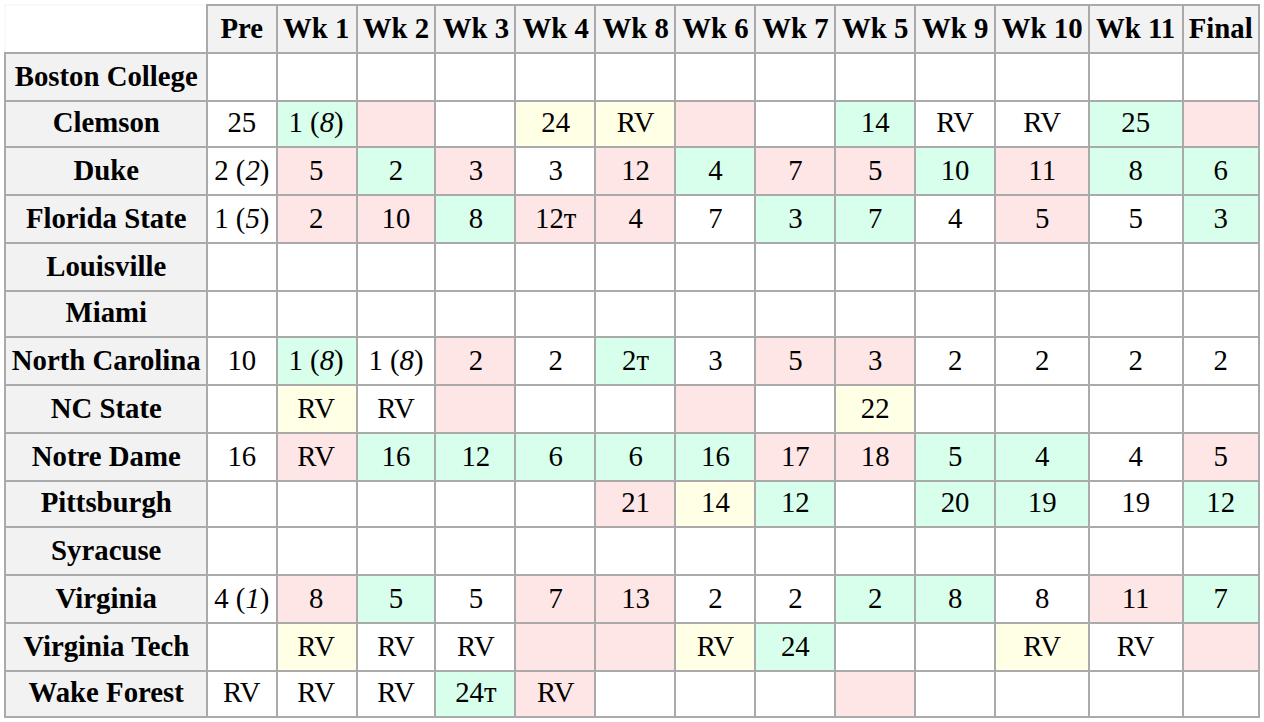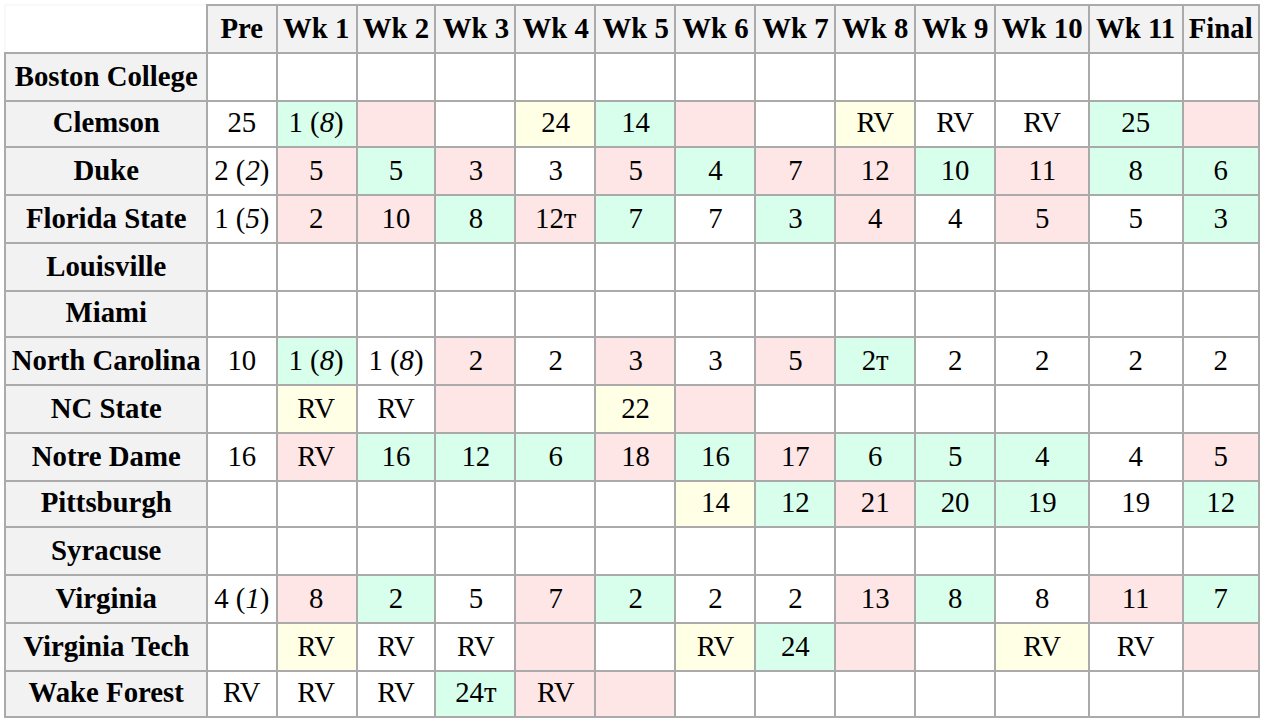 <table class="wikitable" style="white-space:nowrap;font-size:90%;">
 <tr>
 <th colspan=1 style="background:white; border-top-style:hidden; border-left-style:hidden;"> </th>
 <th>Pre <br></th>
 <th>Wk 1 <br></th>
 <th>Wk 2 <br></th>
 <th>Wk 3 <br></th>
 <th>Wk 4 <br></th>
-<th>Wk 8 <br></th>
+<th>Wk 5 <br></th>
 <th>Wk 6 <br></th>
 <th>Wk 7 <br></th>
-<th>Wk 5 <br></th>
+<th>Wk 8 <br></th>
 <th>Wk 9 <br></th>
 <th>Wk 10 <br></th>
 <th>Wk 11 <br></th>
 <th>Final <br></th>
 </tr>
 <tr style="text-align:center;">
 <th>Boston College</th>
 <td style="background:#FFF;"></td>
 <td style="background:#FFF;"></td>
 <td style="background:#FFF;"></td>
 <td style="background:#FFF;"></td>
 <td style="background:#FFF;"></td>
 <td style="background:#FFF;"></td>
 <td style="background:#FFF;"></td>
 <td style="background:#FFF;"></td>
 <td style="background:#FFF;"></td>
 <td style="background:#FFF;"></td>
 <td style="background:#FFF;"></td>
 <td style="background:#FFF;"></td>
 <td style="background:#FFF;"></td>
 </tr>
 <tr style="text-align:center;">
 <th>Clemson</th>
 <td style="background:#FFF;"> 25</td>
 <td style="background:#D8FFEB;"> 1 (<em>8</em>)</td>
 <td style="background:#FFE6E6;"></td>
 <td style="background:#FFF;"></td>
 <td style="background:#FFFFE6;"> 24</td>
-<td style="background:#FFFFE6;"> RV</td>
+<td style="background:#D8FFEB;"> 14</td>
 <td style="background:#FFE6E6;"></td>
 <td style="background:#FFF;"></td>
-<td style="background:#D8FFEB;"> 14</td>
+<td style="background:#FFFFE6;"> RV</td>
 <td style="background:#FFF;"> RV</td>
 <td style="background:#FFF;"> RV</td>
 <td style="background:#D8FFEB;"> 25</td>
 <td style="background:#FFE6E6;"></td>
 </tr>
 <tr style="text-align:center;">
 <th>Duke</th>
 <td style="background:#FFF;"> 2 (<em>2</em>)</td>
 <td style="background:#FFE6E6;"> 5</td>
-<td style="background:#D8FFEB;"> 2</td>
+<td style="background:#D8FFEB;"> 5</td>
 <td style="background:#FFE6E6;"> 3</td>
 <td style="background:#FFF;"> 3</td>
-<td style="background:#FFE6E6;"> 12</td>
+<td style="background:#FFE6E6;"> 5</td>
 <td style="background:#D8FFEB;"> 4</td>
 <td style="background:#FFE6E6;"> 7</td>
-<td style="background:#FFE6E6;"> 5</td>
+<td style="background:#FFE6E6;"> 12</td>
 <td style="background:#D8FFEB;"> 10</td>
 <td style="background:#FFE6E6;"> 11</td>
 <td style="background:#D8FFEB;"> 8</td>
 <td style="background:#D8FFEB;"> 6</td>
 </tr>
 <tr style="text-align:center;">
 <th>Florida State</th>
 <td style="background:#FFF;"> 1 (<em>5</em>)</td>
 <td style="background:#FFE6E6;"> 2</td>
 <td style="background:#FFE6E6;"> 10</td>
 <td style="background:#D8FFEB;"> 8</td>
 <td style="background:#FFE6E6;"> 12т</td>
-<td style="background:#FFE6E6;"> 4</td>
+<td style="background:#D8FFEB;"> 7</td>
 <td style="background:#FFF;"> 7</td>
 <td style="background:#D8FFEB;"> 3</td>
-<td style="background:#D8FFEB;"> 7</td>
+<td style="background:#FFE6E6;"> 4</td>
 <td style="background:#FFF;"> 4</td>
 <td style="background:#FFE6E6;"> 5</td>
 <td style="background:#FFF;"> 5</td>
 <td style="background:#D8FFEB;"> 3</td>
 </tr>
 <tr style="text-align:center;">
 <th>Louisville</th>
 <td style="background:#FFF;"></td>
 <td style="background:#FFF;"></td>
 <td style="background:#FFF;"></td>
 <td style="background:#FFF;"></td>
 <td style="background:#FFF;"></td>
 <td style="background:#FFF;"></td>
 <td style="background:#FFF;"></td>
 <td style="background:#FFF;"></td>
 <td style="background:#FFF;"></td>
 <td style="background:#FFF;"></td>
 <td style="background:#FFF;"></td>
 <td style="background:#FFF;"></td>
 <td style="background:#FFF;"></td>
 </tr>
 <tr style="text-align:center;">
 <th>Miami</th>
 <td style="background:#FFF;"></td>
 <td style="background:#FFF;"></td>
 <td style="background:#FFF;"></td>
 <td style="background:#FFF;"></td>
 <td style="background:#FFF;"></td>
 <td style="background:#FFF;"></td>
 <td style="background:#FFF;"></td>
 <td style="background:#FFF;"></td>
 <td style="background:#FFF;"></td>
 <td style="background:#FFF;"></td>
 <td style="background:#FFF;"></td>
 <td style="background:#FFF;"></td>
 <td style="background:#FFF;"></td>
 </tr>
 <tr style="text-align:center;">
 <th>North Carolina</th>
 <td style="background:#FFF;"> 10</td>
 <td style="background:#D8FFEB;"> 1 (<em>8</em>)</td>
 <td style="background:#FFF;"> 1 (<em>8</em>)</td>
 <td style="background:#FFE6E6;"> 2</td>
 <td style="background:#FFF;"> 2</td>
-<td style="background:#D8FFEB;"> 2т</td>
+<td style="background:#FFE6E6;"> 3</td>
 <td style="background:#FFF;"> 3</td>
 <td style="background:#FFE6E6;"> 5</td>
-<td style="background:#FFE6E6;"> 3</td>
+<td style="background:#D8FFEB;"> 2т</td>
 <td style="background:#FFF;"> 2</td>
 <td style="background:#FFF;"> 2</td>
 <td style="background:#FFF;"> 2</td>
 <td style="background:#FFF;"> 2</td>
 </tr>
 <tr style="text-align:center;">
 <th>NC State</th>
 <td style="background:#FFF;"></td>
 <td style="background:#FFFFE6;"> RV</td>
 <td style="background:#FFF;"> RV</td>
 <td style="background:#FFE6E6;"></td>
 <td style="background:#FFF;"></td>
-<td style="background:#FFF;"></td>
+<td style="background:#FFFFE6;"> 22</td>
 <td style="background:#FFE6E6;"></td>
 <td style="background:#FFF;"></td>
-<td style="background:#FFFFE6;"> 22</td>
+<td style="background:#FFF;"></td>
 <td style="background:#FFF;"></td>
 <td style="background:#FFF;"></td>
 <td style="background:#FFF;"></td>
 <td style="background:#FFF;"></td>
 </tr>
 <tr style="text-align:center;">
 <th>Notre Dame</th>
 <td style="background:#FFF;"> 16</td>
 <td style="background:#FFE6E6;"> RV</td>
 <td style="background:#D8FFEB;"> 16</td>
 <td style="background:#D8FFEB;"> 12</td>
 <td style="background:#D8FFEB;"> 6</td>
-<td style="background:#D8FFEB;"> 6</td>
+<td style="background:#FFE6E6;"> 18</td>
 <td style="background:#D8FFEB;"> 16</td>
 <td style="background:#FFE6E6;"> 17</td>
-<td style="background:#FFE6E6;"> 18</td>
+<td style="background:#D8FFEB;"> 6</td>
 <td style="background:#D8FFEB;"> 5</td>
 <td style="background:#D8FFEB;"> 4</td>
 <td style="background:#FFF;"> 4</td>
 <td style="background:#FFE6E6;"> 5</td>
 </tr>
 <tr style="text-align:center;">
 <th>Pittsburgh</th>
 <td style="background:#FFF;"></td>
 <td style="background:#FFF;"></td>
 <td style="background:#FFF;"></td>
 <td style="background:#FFF;"></td>
 <td style="background:#FFF;"></td>
-<td style="background:#FFE6E6;"> 21</td>
+<td style="background:#FFF;"></td>
 <td style="background:#FFFFE6;"> 14</td>
 <td style="background:#D8FFEB;"> 12</td>
-<td style="background:#FFF;"></td>
+<td style="background:#FFE6E6;"> 21</td>
 <td style="background:#D8FFEB;"> 20</td>
 <td style="background:#D8FFEB;"> 19</td>
 <td style="background:#FFF;"> 19</td>
 <td style="background:#D8FFEB;"> 12</td>
 </tr>
 <tr style="text-align:center;">
 <th>Syracuse</th>
 <td style="background:#FFF;"></td>
 <td style="background:#FFF;"></td>
 <td style="background:#FFF;"></td>
 <td style="background:#FFF;"></td>
 <td style="background:#FFF;"></td>
 <td style="background:#FFF;"></td>
 <td style="background:#FFF;"></td>
 <td style="background:#FFF;"></td>
 <td style="background:#FFF;"></td>
 <td style="background:#FFF;"></td>
 <td style="background:#FFF;"></td>
 <td style="background:#FFF;"></td>
 <td style="background:#FFF;"></td>
 </tr>
 <tr style="text-align:center;">
 <th>Virginia</th>
 <td style="background:#FFF;"> 4 (<em>1</em>)</td>
 <td style="background:#FFE6E6;"> 8</td>
-<td style="background:#D8FFEB;"> 5</td>
+<td style="background:#D8FFEB;"> 2</td>
 <td style="background:#FFF;"> 5</td>
 <td style="background:#FFE6E6;"> 7</td>
-<td style="background:#FFE6E6;"> 13</td>
+<td style="background:#D8FFEB;"> 2</td>
 <td style="background:#FFF;"> 2</td>
 <td style="background:#FFF;"> 2</td>
-<td style="background:#D8FFEB;"> 2</td>
+<td style="background:#FFE6E6;"> 13</td>
 <td style="background:#D8FFEB;"> 8</td>
 <td style="background:#FFF;"> 8</td>
 <td style="background:#FFE6E6;"> 11</td>
 <td style="background:#D8FFEB;"> 7</td>
 </tr>
 <tr style="text-align:center;">
 <th>Virginia Tech</th>
 <td style="background:#FFF;"></td>
 <td style="background:#FFFFE6;"> RV</td>
 <td style="background:#FFF;"> RV</td>
 <td style="background:#FFF;"> RV</td>
 <td style="background:#FFE6E6;"></td>
-<td style="background:#FFE6E6;"></td>
+<td style="background:#FFF;"></td>
 <td style="background:#FFFFE6;"> RV</td>
 <td style="background:#D8FFEB;"> 24</td>
-<td style="background:#FFF;"></td>
+<td style="background:#FFE6E6;"></td>
 <td style="background:#FFF;"></td>
 <td style="background:#FFFFE6;"> RV</td>
 <td style="background:#FFF;"> RV</td>
 <td style="background:#FFE6E6;"></td>
 </tr>
 <tr style="text-align:center;">
 <th>Wake Forest</th>
 <td style="background:#FFF;"> RV</td>
 <td style="background:#FFF;"> RV</td>
 <td style="background:#FFF;"> RV</td>
 <td style="background:#D8FFEB;"> 24т</td>
 <td style="background:#FFE6E6;"> RV</td>
+<td style="background:#FFE6E6;"></td>
 <td style="background:#FFF;"></td>
 <td style="background:#FFF;"></td>
 <td style="background:#FFF;"></td>
-<td style="background:#FFE6E6;"></td>
 <td style="background:#FFF;"></td>
 <td style="background:#FFF;"></td>
 <td style="background:#FFF;"></td>
 <td style="background:#FFF;"></td>
 </tr>
 </table>
